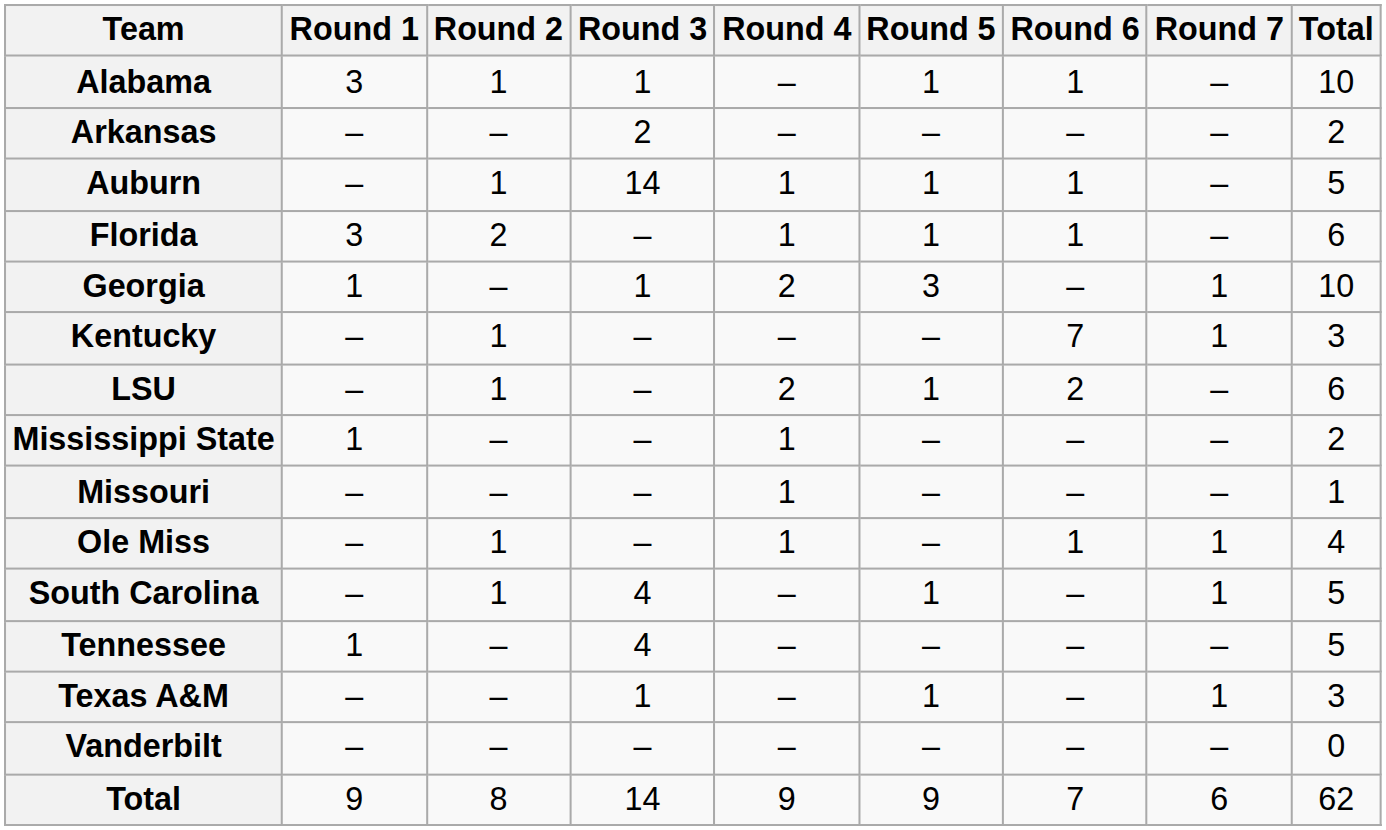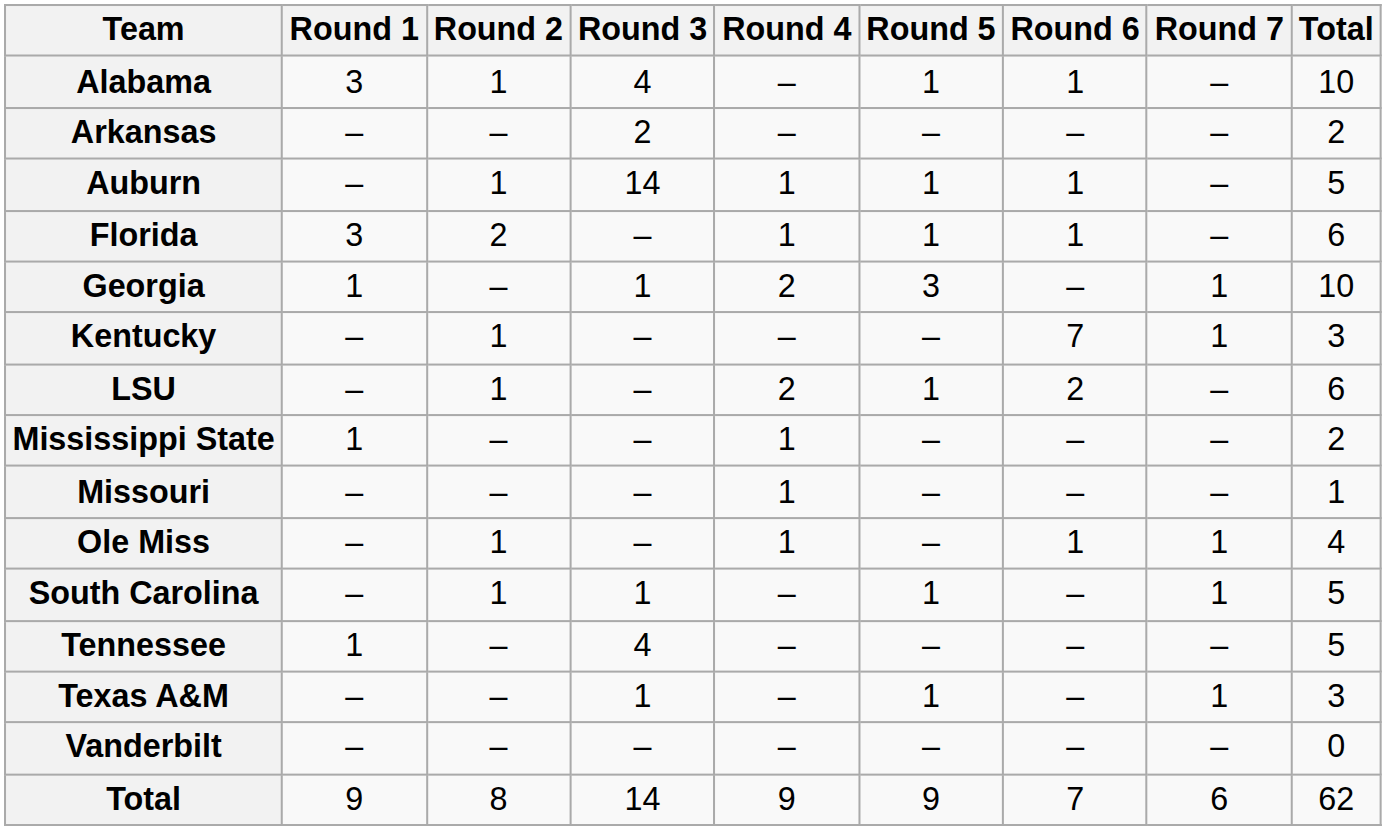 <table class="wikitable sortable" style="text-align: center;">
 <tr>
 <th>Team</th>
 <th>Round 1</th>
 <th>Round 2</th>
 <th>Round 3</th>
 <th>Round 4</th>
 <th>Round 5</th>
 <th>Round 6</th>
 <th>Round 7</th>
 <th>Total</th>
 </tr>
 <tr>
 <th>Alabama</th>
 <td>3</td>
 <td>1</td>
-<td>1</td>
+<td>4</td>
 <td>–</td>
 <td>1</td>
 <td>1</td>
 <td>–</td>
 <td>10</td>
 </tr>
 <tr>
 <th>Arkansas</th>
 <td>–</td>
 <td>–</td>
 <td>2</td>
 <td>–</td>
 <td>–</td>
 <td>–</td>
 <td>–</td>
 <td>2</td>
 </tr>
 <tr>
 <th>Auburn</th>
 <td>–</td>
 <td>1</td>
 <td>14</td>
 <td>1</td>
 <td>1</td>
 <td>1</td>
 <td>–</td>
 <td>5</td>
 </tr>
 <tr>
 <th>Florida</th>
 <td>3</td>
 <td>2</td>
 <td>–</td>
 <td>1</td>
 <td>1</td>
 <td>1</td>
 <td>–</td>
 <td>6</td>
 </tr>
 <tr>
 <th>Georgia</th>
 <td>1</td>
 <td>–</td>
 <td>1</td>
 <td>2</td>
 <td>3</td>
 <td>–</td>
 <td>1</td>
 <td>10</td>
 </tr>
 <tr>
 <th>Kentucky</th>
 <td>–</td>
 <td>1</td>
 <td>–</td>
 <td>–</td>
 <td>–</td>
 <td>7</td>
 <td>1</td>
 <td>3</td>
 </tr>
 <tr>
 <th>LSU</th>
 <td>–</td>
 <td>1</td>
 <td>–</td>
 <td>2</td>
 <td>1</td>
 <td>2</td>
 <td>–</td>
 <td>6</td>
 </tr>
 <tr>
 <th>Mississippi State</th>
 <td>1</td>
 <td>–</td>
 <td>–</td>
 <td>1</td>
 <td>–</td>
 <td>–</td>
 <td>–</td>
 <td>2</td>
 </tr>
 <tr>
 <th>Missouri</th>
 <td>–</td>
 <td>–</td>
 <td>–</td>
 <td>1</td>
 <td>–</td>
 <td>–</td>
 <td>–</td>
 <td>1</td>
 </tr>
 <tr>
 <th>Ole Miss</th>
 <td>–</td>
 <td>1</td>
 <td>–</td>
 <td>1</td>
 <td>–</td>
 <td>1</td>
 <td>1</td>
 <td>4</td>
 </tr>
 <tr>
 <th>South Carolina</th>
 <td>–</td>
 <td>1</td>
-<td>4</td>
+<td>1</td>
 <td>–</td>
 <td>1</td>
 <td>–</td>
 <td>1</td>
 <td>5</td>
 </tr>
 <tr>
 <th>Tennessee</th>
 <td>1</td>
 <td>–</td>
 <td>4</td>
 <td>–</td>
 <td>–</td>
 <td>–</td>
 <td>–</td>
 <td>5</td>
 </tr>
 <tr>
 <th>Texas A&M</th>
 <td>–</td>
 <td>–</td>
 <td>1</td>
 <td>–</td>
 <td>1</td>
 <td>–</td>
 <td>1</td>
 <td>3</td>
 </tr>
 <tr>
 <th>Vanderbilt</th>
 <td>–</td>
 <td>–</td>
 <td>–</td>
 <td>–</td>
 <td>–</td>
 <td>–</td>
 <td>–</td>
 <td>0</td>
 </tr>
 <tr>
 <th>Total</th>
 <td>9</td>
 <td>8</td>
 <td>14</td>
 <td>9</td>
 <td>9</td>
 <td>7</td>
 <td>6</td>
 <td>62</td>
 </tr>
 <tr>
 </tr>
 </table>
